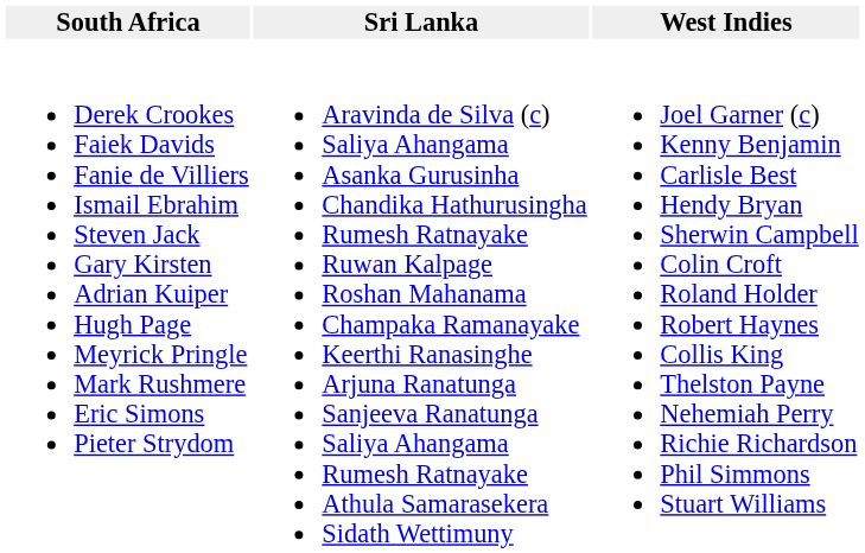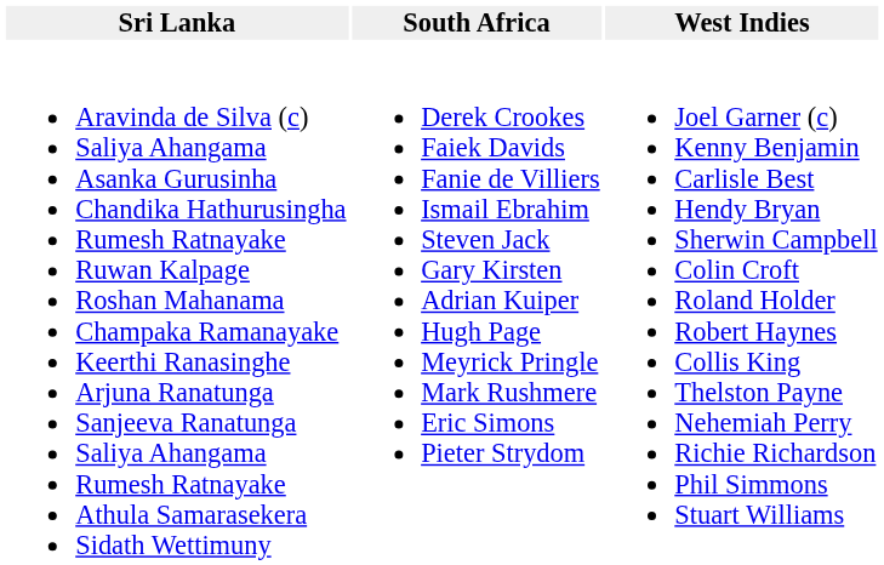 <table>
 <tr bgcolor="#efefef">
+<th>Sri Lanka </th>
 <th>South Africa </th>
-<th>Sri Lanka </th>
 <th>West Indies </th>
 </tr>
 <tr valign="top">
+<td><br><ul><li><a href='#'>Aravinda de Silva</a> (<a href='#'>c</a>)</li><li><a href='#'>Saliya Ahangama</a></li><li><a href='#'>Asanka Gurusinha</a></li><li><a href='#'>Chandika Hathurusingha</a></li><li><a href='#'>Rumesh Ratnayake</a></li><li><a href='#'>Ruwan Kalpage</a></li><li><a href='#'>Roshan Mahanama</a></li><li><a href='#'>Champaka Ramanayake</a></li><li><a href='#'>Keerthi Ranasinghe</a></li><li><a href='#'>Arjuna Ranatunga</a></li><li><a href='#'>Sanjeeva Ranatunga</a></li><li><a href='#'>Saliya Ahangama</a></li><li><a href='#'>Rumesh Ratnayake</a></li><li><a href='#'>Athula Samarasekera</a></li><li><a href='#'>Sidath Wettimuny</a></li></ul></td>
 <td><br><ul><li><a href='#'>Derek Crookes</a></li><li><a href='#'>Faiek Davids</a></li><li><a href='#'>Fanie de Villiers</a></li><li><a href='#'>Ismail Ebrahim</a></li><li><a href='#'>Steven Jack</a></li><li><a href='#'>Gary Kirsten</a></li><li><a href='#'>Adrian Kuiper</a></li><li><a href='#'>Hugh Page</a></li><li><a href='#'>Meyrick Pringle</a></li><li><a href='#'>Mark Rushmere</a></li><li><a href='#'>Eric Simons</a></li><li><a href='#'>Pieter Strydom</a></li></ul></td>
-<td><br><ul><li><a href='#'>Aravinda de Silva</a> (<a href='#'>c</a>)</li><li><a href='#'>Saliya Ahangama</a></li><li><a href='#'>Asanka Gurusinha</a></li><li><a href='#'>Chandika Hathurusingha</a></li><li><a href='#'>Rumesh Ratnayake</a></li><li><a href='#'>Ruwan Kalpage</a></li><li><a href='#'>Roshan Mahanama</a></li><li><a href='#'>Champaka Ramanayake</a></li><li><a href='#'>Keerthi Ranasinghe</a></li><li><a href='#'>Arjuna Ranatunga</a></li><li><a href='#'>Sanjeeva Ranatunga</a></li><li><a href='#'>Saliya Ahangama</a></li><li><a href='#'>Rumesh Ratnayake</a></li><li><a href='#'>Athula Samarasekera</a></li><li><a href='#'>Sidath Wettimuny</a></li></ul></td>
 <td><br><ul><li><a href='#'>Joel Garner</a> (<a href='#'>c</a>)</li><li><a href='#'>Kenny Benjamin</a></li><li><a href='#'>Carlisle Best</a></li><li><a href='#'>Hendy Bryan</a></li><li><a href='#'>Sherwin Campbell</a></li><li><a href='#'>Colin Croft</a></li><li><a href='#'>Roland Holder</a></li><li><a href='#'>Robert Haynes</a></li><li><a href='#'>Collis King</a></li><li><a href='#'>Thelston Payne</a></li><li><a href='#'>Nehemiah Perry</a></li><li><a href='#'>Richie Richardson</a></li><li><a href='#'>Phil Simmons</a></li><li><a href='#'>Stuart Williams</a></li></ul></td>
 </tr>
 </table>
